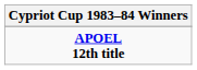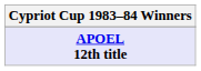 <table class="wikitable" style="text-align:center;margin: 0 auto;">
 <tr>
 <th>Cypriot Cup 1983–84 Winners</th>
 </tr>
 <tr>
 </tr>
 <tr>
-<td><strong><a href='#'>APOEL</a></strong><br><strong>12th title</strong></td>
+<td style="background: lavender;"><strong><a href='#'>APOEL</a></strong><br><strong>12th title</strong></td>
 </tr>
 </table>
